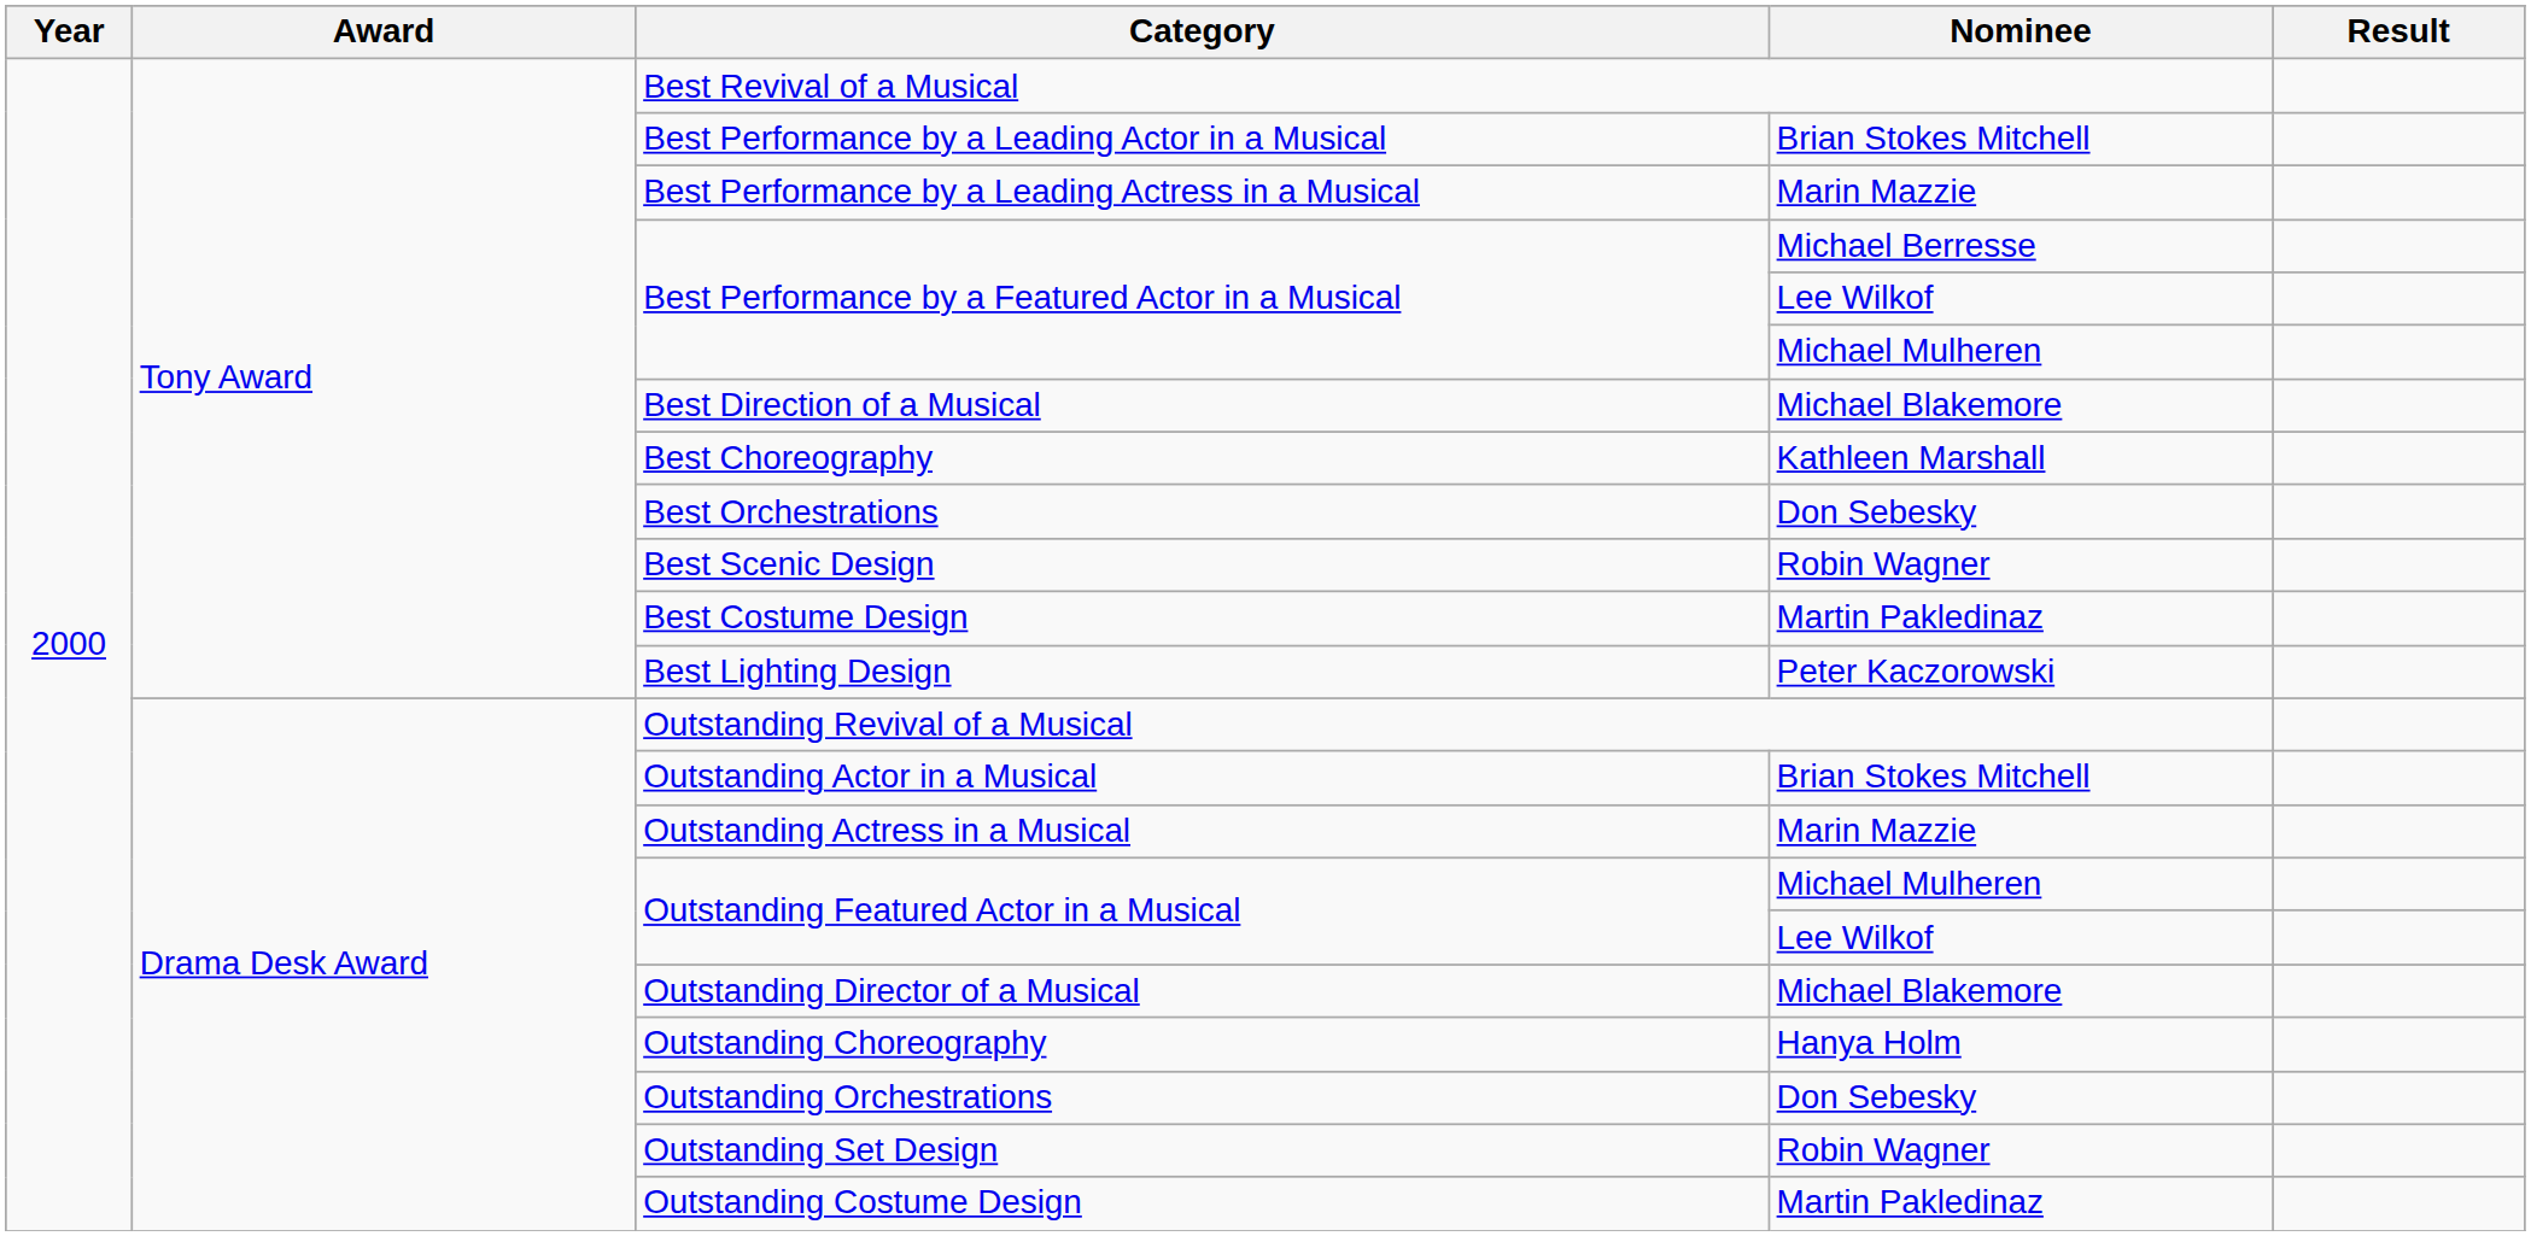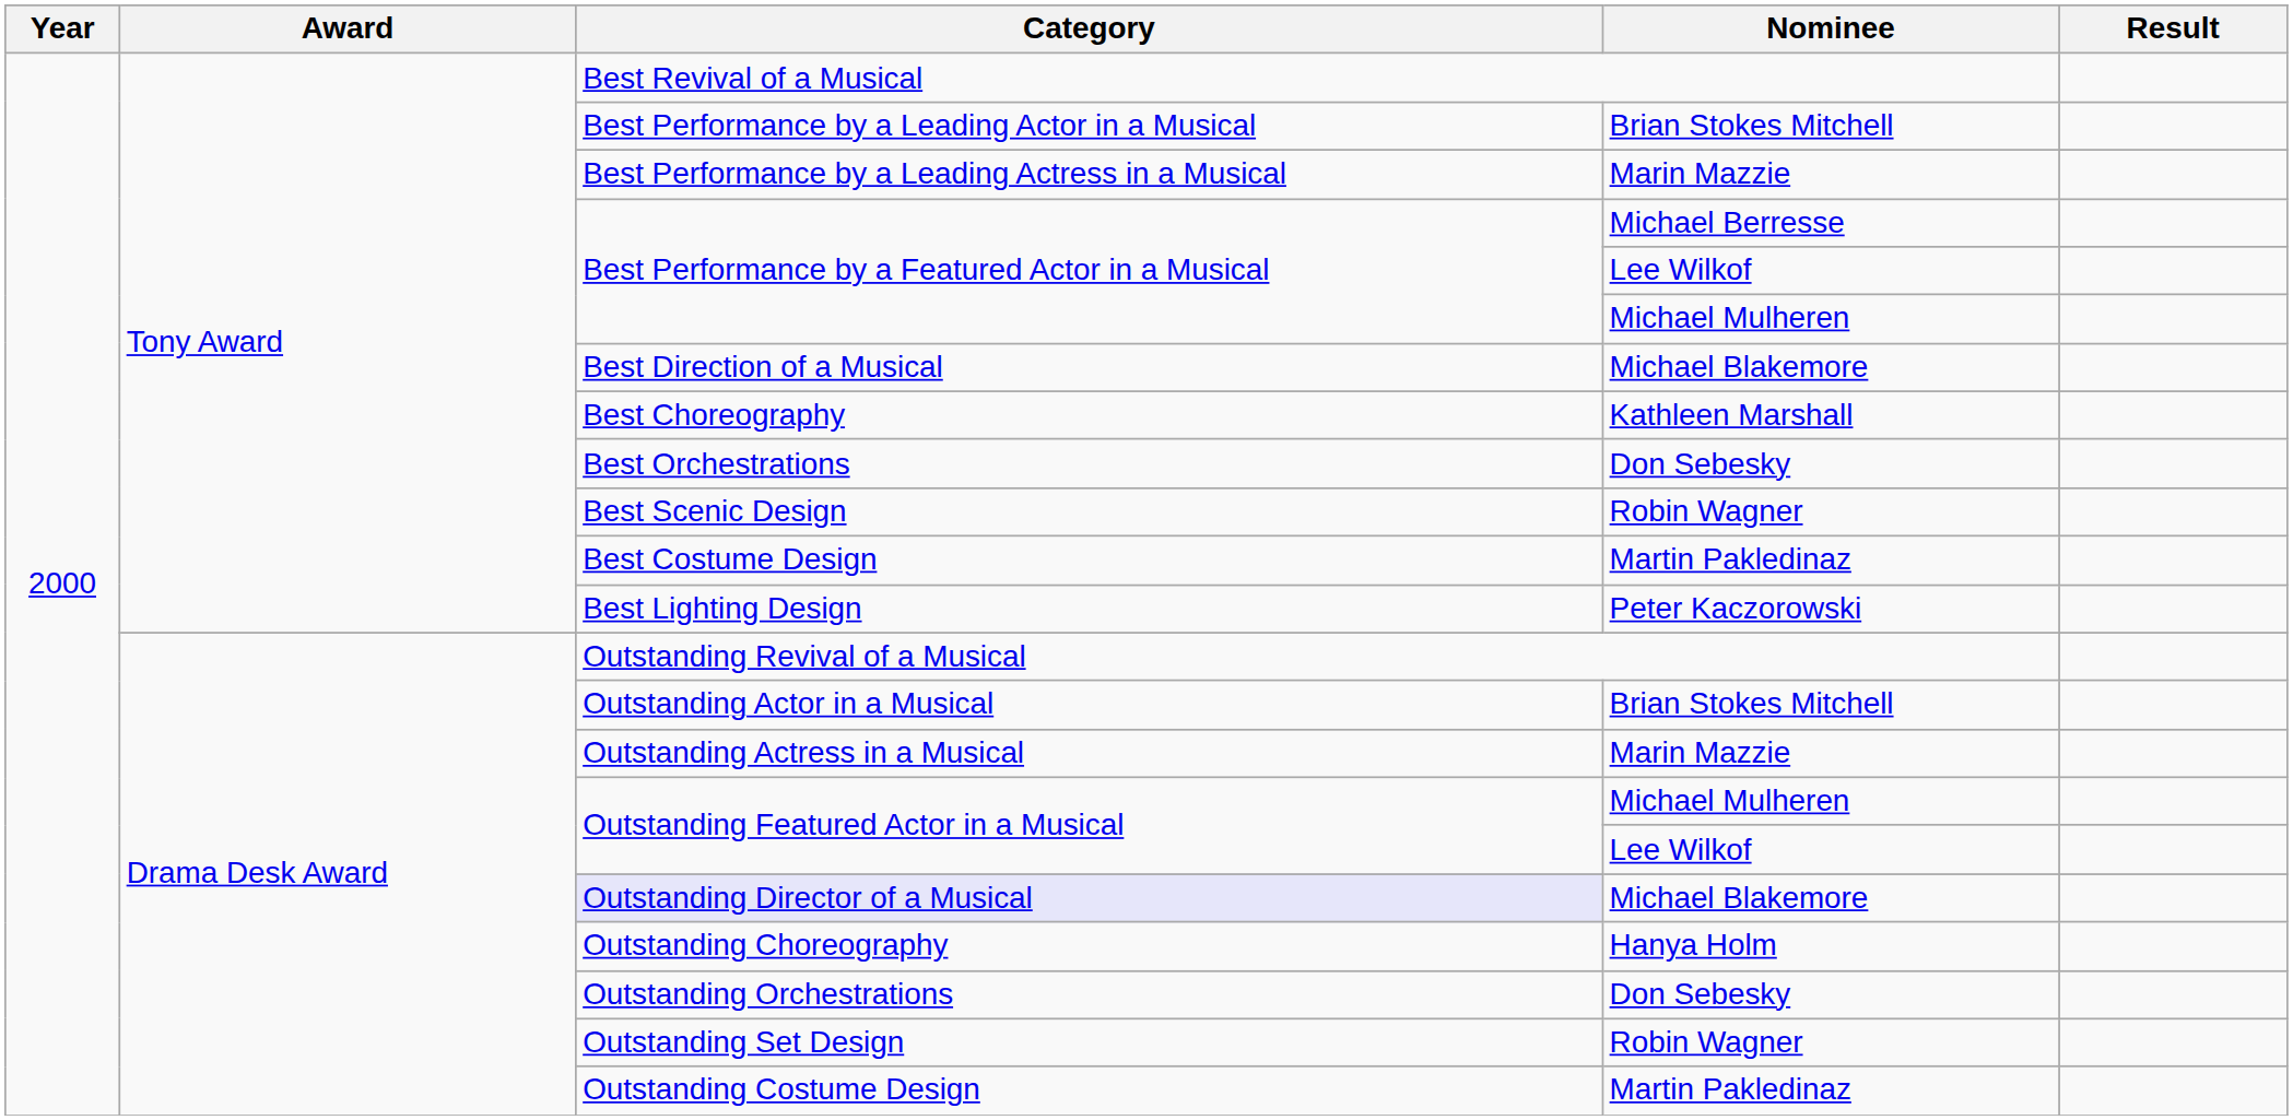 <table class="wikitable" width="95%">
 <tr>
 <th width="5%">Year</th>
 <th width="20%">Award</th>
 <th width="45%">Category</th>
 <th width="20%">Nominee</th>
 <th width="10%">Result</th>
 </tr>
 <tr>
 <td rowspan="22" align="center"><a href='#'>2000</a></td>
 <td rowspan="12"><a href='#'>Tony Award</a></td>
 <td colspan="2"><a href='#'>Best Revival of a Musical</a></td>
 <td></td>
 </tr>
 <tr>
 <td><a href='#'>Best Performance by a Leading Actor in a Musical</a></td>
 <td><a href='#'>Brian Stokes Mitchell</a></td>
 <td></td>
 </tr>
 <tr>
 <td><a href='#'>Best Performance by a Leading Actress in a Musical</a></td>
 <td><a href='#'>Marin Mazzie</a></td>
 <td></td>
 </tr>
 <tr>
 <td rowspan="3"><a href='#'>Best Performance by a Featured Actor in a Musical</a></td>
 <td><a href='#'>Michael Berresse</a></td>
 <td></td>
 </tr>
 <tr>
 <td><a href='#'>Lee Wilkof</a></td>
 <td></td>
 </tr>
 <tr>
 <td><a href='#'>Michael Mulheren</a></td>
 <td></td>
 </tr>
 <tr>
 <td><a href='#'>Best Direction of a Musical</a></td>
 <td><a href='#'>Michael Blakemore</a></td>
 <td></td>
 </tr>
 <tr>
 <td><a href='#'>Best Choreography</a></td>
 <td><a href='#'>Kathleen Marshall</a></td>
 <td></td>
 </tr>
 <tr>
 <td><a href='#'>Best Orchestrations</a></td>
 <td><a href='#'>Don Sebesky</a></td>
 <td></td>
 </tr>
 <tr>
 <td><a href='#'>Best Scenic Design</a></td>
 <td><a href='#'>Robin Wagner</a></td>
 <td></td>
 </tr>
 <tr>
 <td><a href='#'>Best Costume Design</a></td>
 <td><a href='#'>Martin Pakledinaz</a></td>
 <td></td>
 </tr>
 <tr>
 <td><a href='#'>Best Lighting Design</a></td>
 <td><a href='#'>Peter Kaczorowski</a></td>
 <td></td>
 </tr>
 <tr>
 <td rowspan="10"><a href='#'>Drama Desk Award</a></td>
 <td colspan="2"><a href='#'>Outstanding Revival of a Musical</a></td>
 <td></td>
 </tr>
 <tr>
 <td><a href='#'>Outstanding Actor in a Musical</a></td>
 <td><a href='#'>Brian Stokes Mitchell</a></td>
 <td></td>
 </tr>
 <tr>
 <td><a href='#'>Outstanding Actress in a Musical</a></td>
 <td><a href='#'>Marin Mazzie</a></td>
 <td></td>
 </tr>
 <tr>
 <td rowspan="2"><a href='#'>Outstanding Featured Actor in a Musical</a></td>
 <td><a href='#'>Michael Mulheren</a></td>
 <td></td>
 </tr>
 <tr>
 <td><a href='#'>Lee Wilkof</a></td>
 <td></td>
 </tr>
 <tr>
-<td><a href='#'>Outstanding Director of a Musical</a></td>
+<td style="background: lavender;"><a href='#'>Outstanding Director of a Musical</a></td>
 <td><a href='#'>Michael Blakemore</a></td>
 <td></td>
 </tr>
 <tr>
 <td><a href='#'>Outstanding Choreography</a></td>
 <td><a href='#'>Hanya Holm</a></td>
 <td></td>
 </tr>
 <tr>
 <td><a href='#'>Outstanding Orchestrations</a></td>
 <td><a href='#'>Don Sebesky</a></td>
 <td></td>
 </tr>
 <tr>
 <td><a href='#'>Outstanding Set Design</a></td>
 <td><a href='#'>Robin Wagner</a></td>
 <td></td>
 </tr>
 <tr>
 <td><a href='#'>Outstanding Costume Design</a></td>
 <td><a href='#'>Martin Pakledinaz</a></td>
 <td></td>
 </tr>
 </table>
